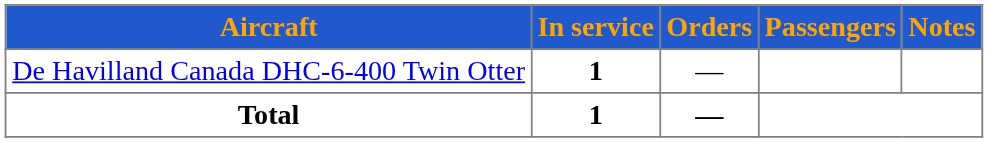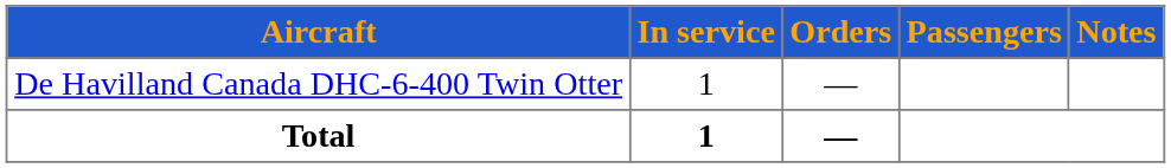 <table class="toccolours" border="1" cellpadding="3" style="margin:1em auto; border-collapse:collapse;text-align:center">
 <tr style="background-color:#1F59CD;color:orange;">
 <th>Aircraft</th>
 <th>In service</th>
 <th>Orders</th>
 <th>Passengers</th>
 <th>Notes</th>
 </tr>
 <tr>
 <td><a href='#'>De Havilland Canada DHC-6-400 Twin Otter</a></td>
-<td><strong>1</strong></td>
+<td>1</td>
 <td>—</td>
 <td></td>
 <td></td>
 </tr>
 <tr>
 <th>Total</th>
 <th>1</th>
 <th>—</th>
 <th colspan="4"></th>
 </tr>
 </table>
